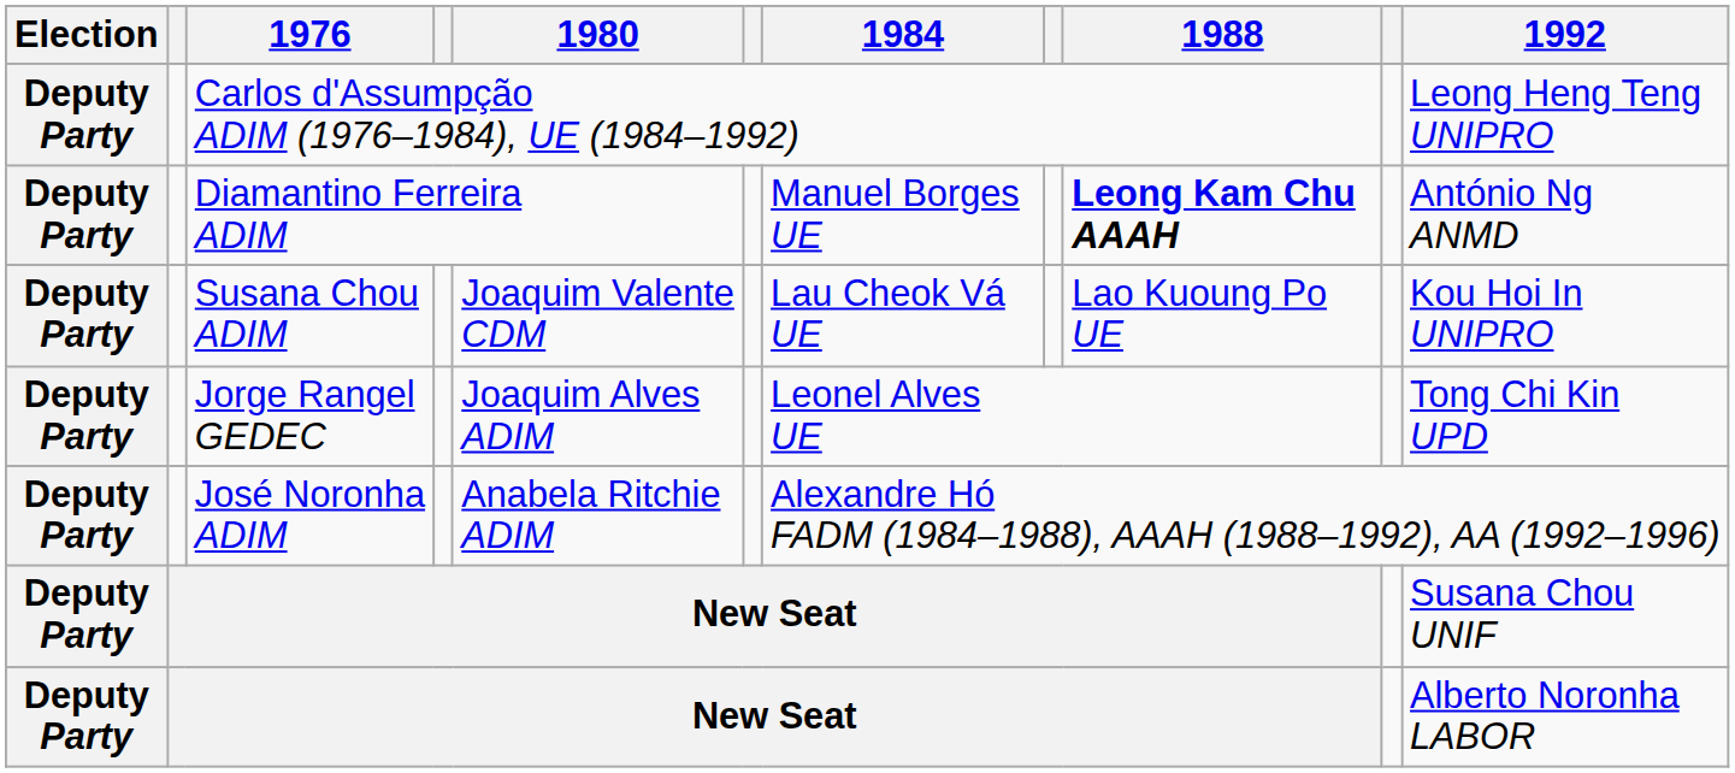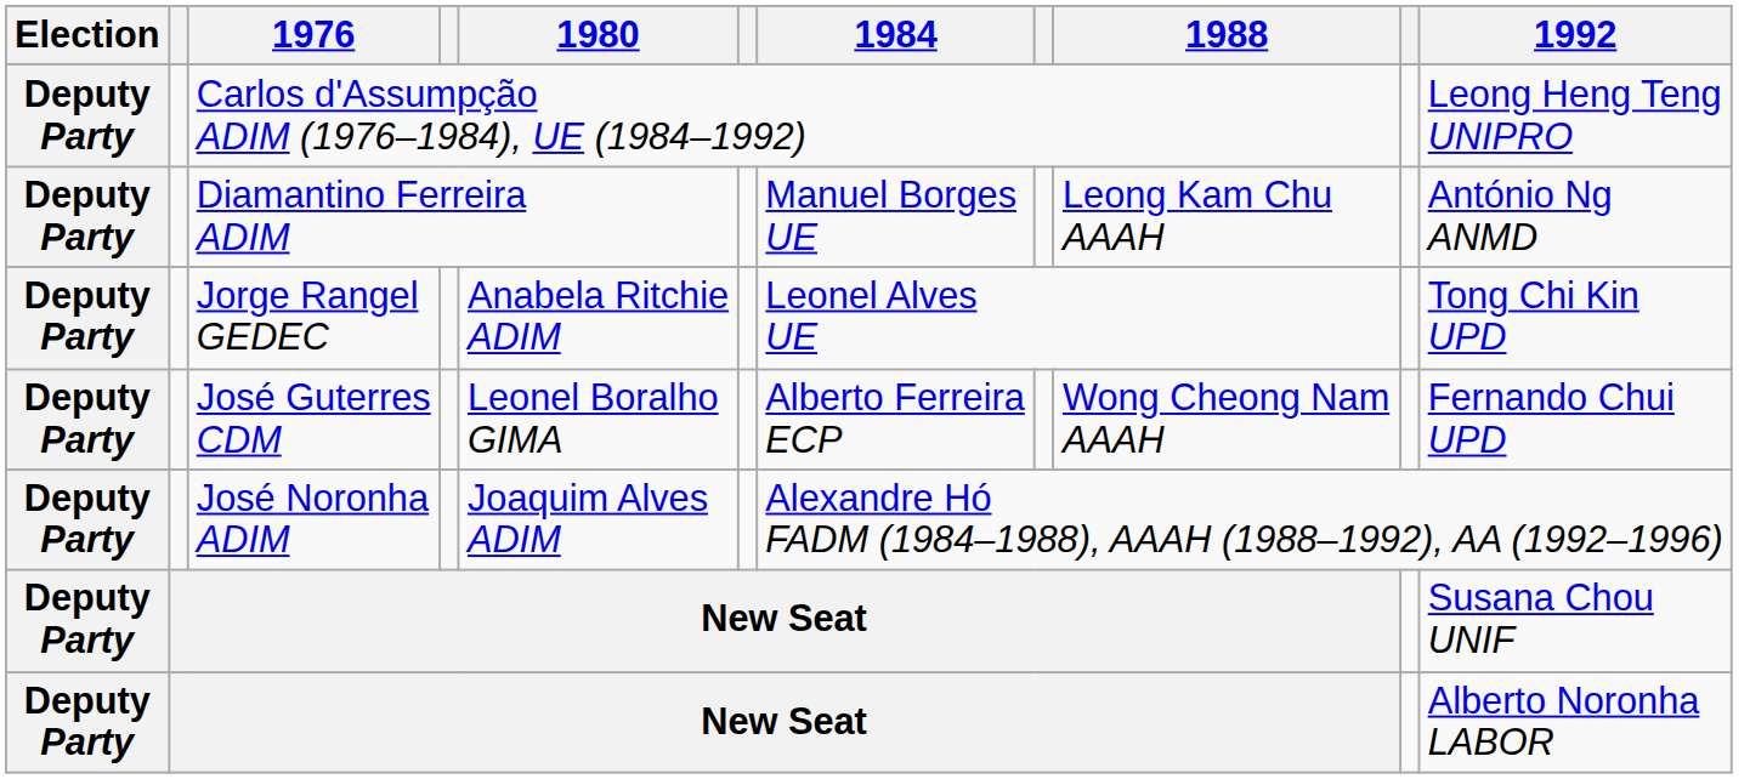 <table class="wikitable">
 <tr>
 <th>Election</th>
 <th style="width:1px;"></th>
 <th><a href='#'>1976</a></th>
 <th style="width:1px;"></th>
 <th><a href='#'>1980</a></th>
 <th style="width:1px;"></th>
 <th><a href='#'>1984</a></th>
 <th style="width:1px;"></th>
 <th><a href='#'>1988</a></th>
 <th style="width:1px;"></th>
 <th><a href='#'>1992</a></th>
 </tr>
 <tr>
 <th>Deputy<br><em>Party</em></th>
 <td width=1px style="background-color: "></td>
 <td colspan = 7><a href='#'>Carlos d'Assumpção</a><br><em><a href='#'>ADIM</a> (1976–1984), <a href='#'>UE</a> (1984–1992)</em></td>
 <td width=1px style="background-color: "></td>
 <td colspan = 1><a href='#'>Leong Heng Teng</a><br><em><a href='#'>UNIPRO</a></em></td>
 </tr>
 <tr>
 <th>Deputy<br><em>Party</em></th>
 <td width=1px style="background-color: "></td>
 <td colspan = 3><a href='#'>Diamantino Ferreira</a><br><em><a href='#'>ADIM</a></em></td>
 <td width=1px style="background-color: "></td>
 <td colspan = 1><a href='#'>Manuel Borges</a><br><em><a href='#'>UE</a></em></td>
 <td width=1px style="background-color: "></td>
-<td colspan = 1><strong><a href='#'>Leong Kam Chu</a><br><em>AAAH</em></strong></td>
+<td colspan = 1><a href='#'>Leong Kam Chu</a><br><em>AAAH</em></td>
 <td width=1px style="background-color: "></td>
 <td colspan = 1><a href='#'>António Ng</a><br><em>ANMD</em></td>
 </tr>
 <tr>
 <th>Deputy<br><em>Party</em></th>
 <td width=1px style="background-color: "></td>
-<td colspan = 1><a href='#'>Susana Chou</a><br><em><a href='#'>ADIM</a></em></td>
-<td width=1px style="background-color: "></td>
-<td colspan = 1><a href='#'>Joaquim Valente</a><br><em><a href='#'>CDM</a></em></td>
-<td width=1px style="background-color: "></td>
-<td colspan = 1><a href='#'>Lau Cheok Vá</a><br><em><a href='#'>UE</a></em></td>
-<td width=1px style="background-color: "></td>
-<td colspan = 1><a href='#'>Lao Kuoung Po</a><br><em><a href='#'>UE</a></em></td>
-<td width=1px style="background-color: "></td>
-<td colspan = 1><a href='#'>Kou Hoi In</a><br><em><a href='#'>UNIPRO</a></em></td>
-</tr>
-<tr>
-<th>Deputy<br><em>Party</em></th>
-<td width=1px style="background-color: "></td>
 <td colspan = 1><a href='#'>Jorge Rangel</a><br><em>GEDEC</em></td>
 <td width=1px style="background-color: "></td>
-<td colspan = 1><a href='#'>Joaquim Alves</a><br><em><a href='#'>ADIM</a></em></td>
+<td colspan = 1><a href='#'>Anabela Ritchie</a><br><em><a href='#'>ADIM</a></em></td>
 <td width=1px style="background-color: "></td>
 <td colspan = 3><a href='#'>Leonel Alves</a><br><em><a href='#'>UE</a></em></td>
 <td width=1px style="background-color: "></td>
 <td colspan = 1><a href='#'>Tong Chi Kin</a><br><em><a href='#'>UPD</a></em></td>
 </tr>
 <tr>
 <th>Deputy<br><em>Party</em></th>
 <td width=1px style="background-color: "></td>
+<td colspan = 1><a href='#'>José Guterres</a><br><em><a href='#'>CDM</a></em></td>
+<td width=1px style="background-color: "></td>
+<td colspan = 1><a href='#'>Leonel Boralho</a><br><em>GIMA</em></td>
+<td width=1px style="background-color: "></td>
+<td colspan = 1><a href='#'>Alberto Ferreira</a><br><em>ECP</em></td>
+<td width=1px style="background-color: "></td>
+<td colspan = 1><a href='#'>Wong Cheong Nam</a><br><em>AAAH</em></td>
+<td width=1px style="background-color: "></td>
+<td colspan = 1><a href='#'>Fernando Chui</a><br><em><a href='#'>UPD</a></em></td>
+</tr>
+<tr>
+<th>Deputy<br><em>Party</em></th>
+<td width=1px style="background-color: "></td>
 <td colspan = 1><a href='#'>José Noronha</a><br><em><a href='#'>ADIM</a></em></td>
 <td width=1px style="background-color: "></td>
-<td colspan = 1><a href='#'>Anabela Ritchie</a><br><em><a href='#'>ADIM</a></em></td>
+<td colspan = 1><a href='#'>Joaquim Alves</a><br><em><a href='#'>ADIM</a></em></td>
 <td width=1px style="background-color: "></td>
 <td colspan = 5><a href='#'>Alexandre Hó</a><br><em>FADM (1984–1988), AAAH (1988–1992), AA (1992–1996)</em></td>
 </tr>
 <tr>
 <th>Deputy<br><em>Party</em></th>
 <th colspan = 8>New Seat</th>
 <td width=1px style="background-color: "></td>
 <td><a href='#'>Susana Chou</a><br><em>UNIF</em></td>
 </tr>
 <tr>
 <th>Deputy<br><em>Party</em></th>
 <th colspan = 8>New Seat</th>
 <td width=1px style="background-color: "></td>
 <td><a href='#'>Alberto Noronha</a><br><em>LABOR</em></td>
 </tr>
 </table>
